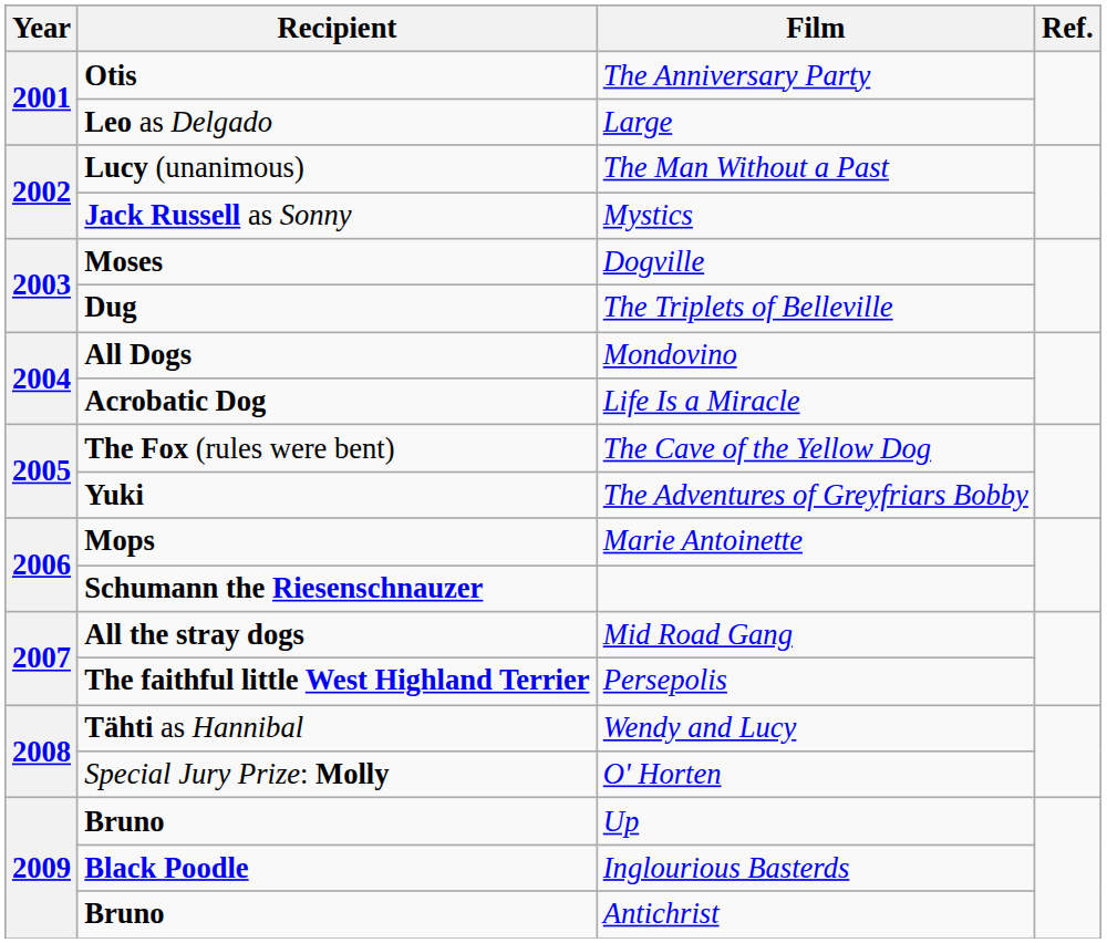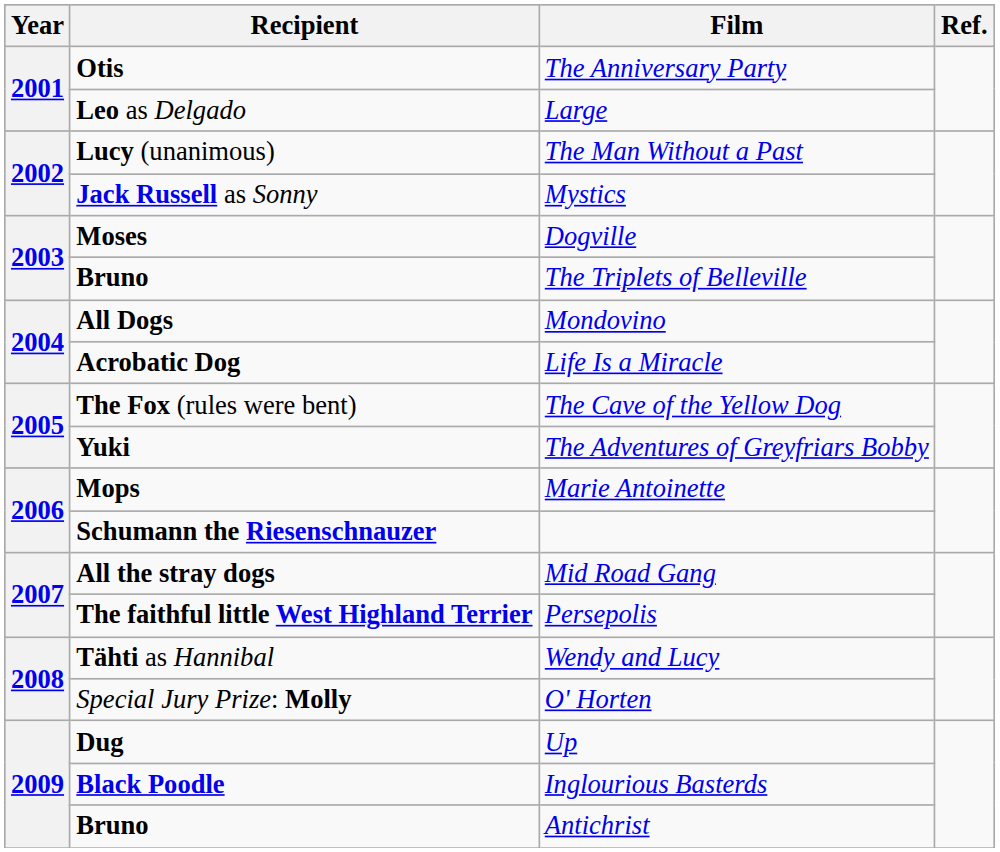 <table class="wikitable">
 <tr>
 <th>Year</th>
 <th>Recipient</th>
 <th>Film</th>
 <th>Ref.</th>
 </tr>
 <tr>
 <th rowspan="2"><a href='#'>2001</a></th>
 <td><strong>Otis</strong></td>
 <td><em><a href='#'>The Anniversary Party</a></em></td>
 <td rowspan="2"></td>
 </tr>
 <tr>
 <td><strong>Leo</strong> as <em>Delgado</em></td>
 <td><em><a href='#'>Large</a></em></td>
 </tr>
 <tr>
 <th rowspan="2"><a href='#'>2002</a></th>
 <td><strong>Lucy</strong> (unanimous)</td>
 <td><em><a href='#'>The Man Without a Past</a></em></td>
 <td rowspan="2"></td>
 </tr>
 <tr>
 <td><strong><a href='#'>Jack Russell</a></strong> as <em>Sonny</em></td>
 <td><em><a href='#'>Mystics</a></em></td>
 </tr>
 <tr>
 <th rowspan="2"><a href='#'>2003</a></th>
 <td><strong>Moses</strong></td>
 <td><em><a href='#'>Dogville</a></em></td>
 <td rowspan="2"></td>
 </tr>
 <tr>
-<td><strong>Dug</strong></td>
+<td><strong>Bruno</strong></td>
 <td><em><a href='#'>The Triplets of Belleville</a></em></td>
 </tr>
 <tr>
 <th rowspan="2"><a href='#'>2004</a></th>
 <td><strong>All Dogs</strong></td>
 <td><em><a href='#'>Mondovino</a></em></td>
 <td rowspan="2"></td>
 </tr>
 <tr>
 <td><strong>Acrobatic Dog</strong></td>
 <td><em><a href='#'>Life Is a Miracle</a></em></td>
 </tr>
 <tr>
 <th rowspan="2"><a href='#'>2005</a></th>
 <td><strong>The Fox</strong> (rules were bent)</td>
 <td><em><a href='#'>The Cave of the Yellow Dog</a></em></td>
 <td rowspan="2"></td>
 </tr>
 <tr>
 <td><strong>Yuki</strong></td>
 <td><em><a href='#'>The Adventures of Greyfriars Bobby</a></em></td>
 </tr>
 <tr>
 <th rowspan="2"><a href='#'>2006</a></th>
 <td><strong>Mops</strong></td>
 <td><em><a href='#'>Marie Antoinette</a></em></td>
 <td rowspan="2"></td>
 </tr>
 <tr>
 <td><strong>Schumann the <a href='#'>Riesenschnauzer</a></strong></td>
 <td><em></em></td>
 </tr>
 <tr>
 <th rowspan="2"><a href='#'>2007</a></th>
 <td><strong>All the stray dogs</strong></td>
 <td><em><a href='#'>Mid Road Gang</a></em></td>
 <td rowspan="2"></td>
 </tr>
 <tr>
 <td><strong>The faithful little <a href='#'>West Highland Terrier</a></strong></td>
 <td><em><a href='#'>Persepolis</a></em></td>
 </tr>
 <tr>
 <th rowspan="2"><a href='#'>2008</a></th>
 <td><strong>Tähti</strong> as <em>Hannibal</em></td>
 <td><em><a href='#'>Wendy and Lucy</a></em></td>
 <td rowspan="2"></td>
 </tr>
 <tr>
 <td><em>Special Jury Prize</em>: <strong>Molly</strong></td>
 <td><em><a href='#'>O' Horten</a></em></td>
 </tr>
 <tr>
 <th rowspan="3"><a href='#'>2009</a></th>
-<td><strong>Bruno</strong></td>
+<td><strong>Dug</strong></td>
 <td><em><a href='#'>Up</a></em></td>
 <td rowspan="3"></td>
 </tr>
 <tr>
 <td><strong><a href='#'>Black Poodle</a></strong></td>
 <td><em><a href='#'>Inglourious Basterds</a></em></td>
 </tr>
 <tr>
 <td><strong>Bruno</strong></td>
 <td><em><a href='#'>Antichrist</a></em></td>
 </tr>
 </table>
